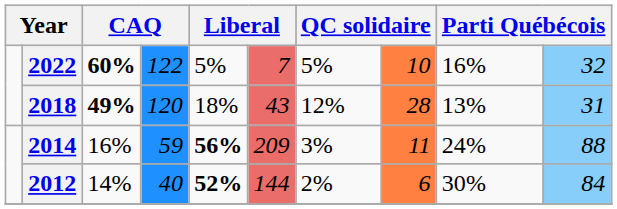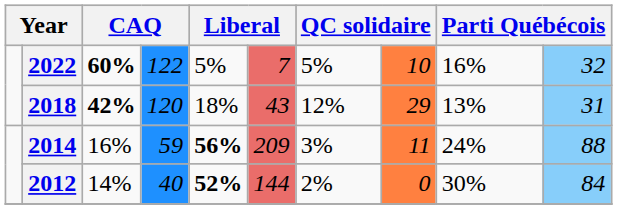 <table class="wikitable" style="float:right; width:400; font-size:90%; margin-left:1em;">
 <tr>
 <th colspan="2" scope="col">Year</th>
 <th colspan="2" scope="col"><a href='#'>CAQ</a></th>
 <th colspan="2" scope="col"><a href='#'>Liberal</a></th>
 <th colspan="2" scope="col"><a href='#'>QC solidaire</a></th>
 <th colspan="2" scope="col"><a href='#'>Parti Québécois</a></th>
 </tr>
 <tr>
 <td rowspan="2" style="width: 0.25em; background-color: "></td>
 <th><a href='#'>2022</a></th>
 <td><strong>60%</strong></td>
 <td style="text-align:right; background:#1E90FF;"><em>122</em></td>
 <td>5%</td>
 <td style="text-align:right; background:#EA6D6A;"><em>7</em></td>
 <td>5%</td>
 <td style="text-align:right; background:#FF8040;"><em>10</em></td>
 <td>16%</td>
 <td style="text-align:right; background:#87CEFA;"><em>32</em></td>
 </tr>
 <tr>
 <th><a href='#'>2018</a></th>
-<td><strong>49%</strong></td>
+<td><strong>42%</strong></td>
 <td style="text-align:right; background:#1E90FF;"><em>120</em></td>
 <td>18%</td>
 <td style="text-align:right; background:#EA6D6A;"><em>43</em></td>
 <td>12%</td>
-<td style="text-align:right; background:#FF8040;"><em>28</em></td>
+<td style="text-align:right; background:#FF8040;"><em>29</em></td>
 <td>13%</td>
 <td style="text-align:right; background:#87CEFA;"><em>31</em></td>
 </tr>
 <tr>
 <td rowspan="2" style="width: 0.25em; background-color: "></td>
 <th><a href='#'>2014</a></th>
 <td>16%</td>
 <td style="text-align:right; background:#1E90FF;"><em>59</em></td>
 <td><strong>56%</strong></td>
 <td style="text-align:right; background:#EA6D6A;"><em>209</em></td>
 <td>3%</td>
 <td style="text-align:right; background:#FF8040;"><em>11</em></td>
 <td>24%</td>
 <td style="text-align:right; background:#87CEFA;"><em>88</em></td>
 </tr>
 <tr>
 <th><a href='#'>2012</a></th>
 <td>14%</td>
 <td style="text-align:right; background:#1E90FF;"><em>40</em></td>
 <td><strong>52%</strong></td>
 <td style="text-align:right; background:#EA6D6A;"><em>144</em></td>
 <td>2%</td>
-<td style="text-align:right; background:#FF8040;"><em>6</em></td>
+<td style="text-align:right; background:#FF8040;"><em>0</em></td>
 <td>30%</td>
 <td style="text-align:right; background:#87CEFA;"><em>84</em></td>
 </tr>
 <tr>
 </tr>
 </table>
